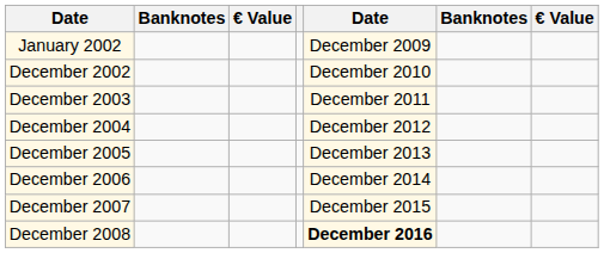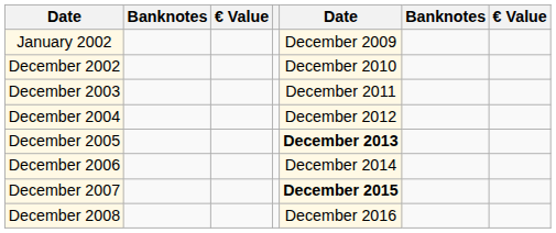 <table class="wikitable" style="border-collapse:collapse">
 <tr>
 <th scope="col">Date</th>
 <th scope="col">Banknotes</th>
 <th scope="col">€ Value</th>
 <th></th>
 <th scope="col">Date</th>
 <th scope="col">Banknotes</th>
 <th scope="col">€ Value</th>
 </tr>
 <tr align="center">
 <td style="background-color:#FFF9E5;">January 2002</td>
 <td></td>
 <td></td>
 <td></td>
 <td style="background-color:#FFF9E5;">December 2009</td>
 <td></td>
 <td></td>
 </tr>
 <tr align="center">
 <td style="background-color:#FFF9E5;">December 2002</td>
 <td></td>
 <td></td>
 <td></td>
 <td style="background-color:#FFF9E5;">December 2010</td>
 <td></td>
 <td></td>
 </tr>
 <tr align="center">
 <td style="background-color:#FFF9E5;">December 2003</td>
 <td></td>
 <td></td>
 <td></td>
 <td style="background-color:#FFF9E5;">December 2011</td>
 <td></td>
 <td></td>
 </tr>
 <tr align="center">
 <td style="background-color:#FFF9E5;">December 2004</td>
 <td></td>
 <td></td>
 <td></td>
 <td style="background-color:#FFF9E5;">December 2012</td>
 <td></td>
 <td></td>
 </tr>
 <tr align="center">
 <td style="background-color:#FFF9E5;">December 2005</td>
 <td></td>
 <td></td>
 <td></td>
-<td style="background-color:#FFF9E5;">December 2013</td>
+<td style="background-color:#FFF9E5;"><strong>December 2013</strong></td>
 <td></td>
 <td></td>
 </tr>
 <tr align="center">
 <td style="background-color:#FFF9E5;">December 2006</td>
 <td></td>
 <td></td>
 <td></td>
 <td style="background-color:#FFF9E5;">December 2014</td>
 <td></td>
 <td></td>
 </tr>
 <tr align="center">
 <td style="background-color:#FFF9E5;">December 2007</td>
 <td></td>
 <td></td>
 <td></td>
-<td style="background-color:#FFF9E5;">December 2015</td>
+<td style="background-color:#FFF9E5;"><strong>December 2015</strong></td>
 <td></td>
 <td></td>
 </tr>
 <tr align="center">
 <td style="background-color:#FFF9E5;">December 2008</td>
 <td></td>
 <td></td>
 <td></td>
-<td style="background-color:#FFF9E5;"><strong>December 2016</strong></td>
+<td style="background-color:#FFF9E5;">December 2016</td>
 <td></td>
 <td></td>
 </tr>
 </table>
